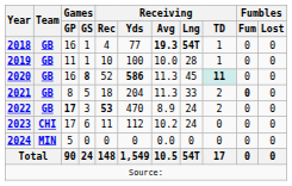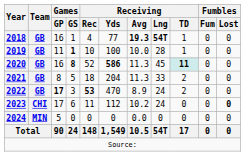 <table class="wikitable" style="text-align: center;">
 <tr>
 <th rowspan="2">Year</th>
 <th rowspan="2">Team</th>
 <th colspan="2">Games</th>
 <th colspan="5">Receiving</th>
 <th colspan="2">Fumbles</th>
 </tr>
 <tr>
 <th>GP</th>
 <th>GS</th>
 <th>Rec</th>
 <th>Yds</th>
 <th>Avg</th>
 <th>Lng</th>
 <th>TD</th>
 <th>Fum</th>
 <th>Lost</th>
 </tr>
 <tr>
 <th><a href='#'>2018</a></th>
 <th><a href='#'>GB</a></th>
 <td>16</td>
 <td>1</td>
 <td>4</td>
 <td>77</td>
 <td><strong>19.3</strong></td>
 <td><strong>54T</strong></td>
 <td>1</td>
 <td>0</td>
 <td>0</td>
 </tr>
 <tr>
 <th><a href='#'>2019</a></th>
 <th><a href='#'>GB</a></th>
 <td>11</td>
-<td>1</td>
+<td><strong>1</strong></td>
 <td>10</td>
 <td>100</td>
 <td>10.0</td>
 <td>28</td>
 <td>1</td>
 <td>0</td>
 <td>0</td>
 </tr>
 <tr>
 <th><a href='#'>2020</a></th>
 <th><a href='#'>GB</a></th>
 <td>16</td>
 <td><strong>8</strong></td>
 <td>52</td>
 <td><strong>586</strong></td>
 <td>11.3</td>
 <td>45</td>
 <td style="background:#cfecec; width:3em;"><strong>11</strong></td>
 <td>0</td>
 <td>0</td>
 </tr>
 <tr>
 <th><a href='#'>2021</a></th>
 <th><a href='#'>GB</a></th>
 <td>8</td>
 <td>5</td>
 <td>18</td>
 <td>204</td>
 <td>11.3</td>
 <td>33</td>
 <td>2</td>
-<td><strong>0</strong></td>
+<td>0</td>
 <td>0</td>
 </tr>
 <tr>
 <th><a href='#'>2022</a></th>
 <th><a href='#'>GB</a></th>
 <td><strong>17</strong></td>
 <td>3</td>
 <td><strong>53</strong></td>
 <td>470</td>
 <td>8.9</td>
 <td>24</td>
 <td>2</td>
 <td>0</td>
 <td>0</td>
 </tr>
 <tr>
 <th><a href='#'>2023</a></th>
 <th><a href='#'>CHI</a></th>
 <td>17</td>
 <td>6</td>
 <td>11</td>
 <td>112</td>
 <td>10.2</td>
 <td>24</td>
 <td>0</td>
 <td>0</td>
-<td>0</td>
+<td><strong>0</strong></td>
 </tr>
 <tr>
 <th><a href='#'>2024</a></th>
 <th><a href='#'>MIN</a></th>
 <td>5</td>
 <td>0</td>
 <td>0</td>
 <td>0</td>
 <td>0.0</td>
 <td>0</td>
 <td>0</td>
 <td>0</td>
 <td>0</td>
 </tr>
 <tr>
 <th colspan="2">Total</th>
 <th>90</th>
 <th>24</th>
 <th>148</th>
 <th>1,549</th>
 <th>10.5</th>
 <th>54T</th>
 <th>17</th>
 <th>0</th>
 <th>0</th>
 </tr>
 <tr>
 <td colspan="11"><small>Source: </small></td>
 </tr>
 </table>
